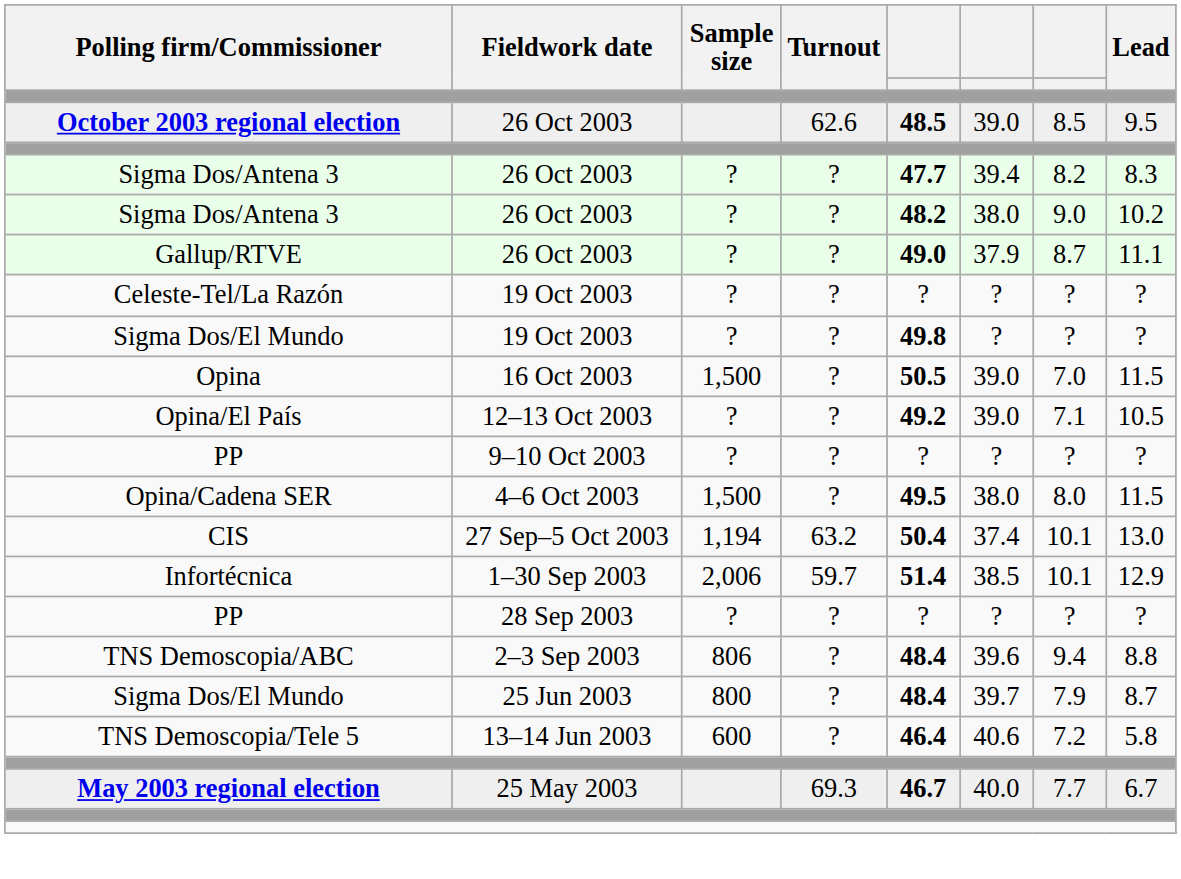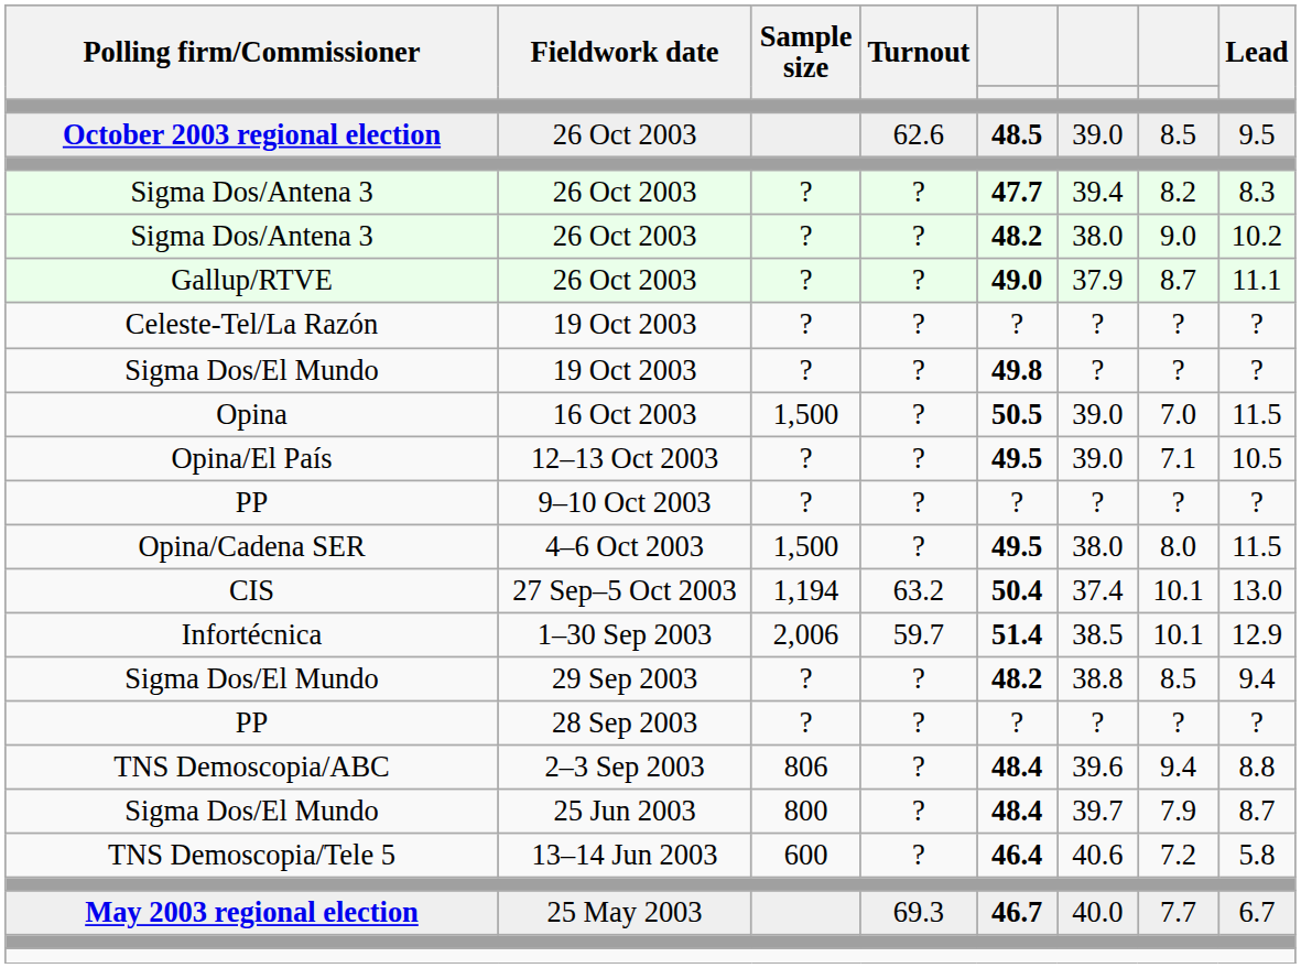 <table class="wikitable collapsible collapsed" style="text-align:center; font-size:95%; line-height:16px;">
 <tr style="height:42px;">
 <th style="width:250px;" rowspan="2">Polling firm/Commissioner</th>
 <th style="width:125px;" rowspan="2">Fieldwork date</th>
 <th style="width:50px;" rowspan="2">Sample size</th>
 <th style="width:45px;" rowspan="2">Turnout</th>
 <th style="width:35px;"></th>
 <th style="width:35px;"></th>
 <th style="width:35px;"></th>
 <th style="width:30px;" rowspan="2">Lead</th>
 </tr>
 <tr>
 <th style="color:inherit;background:"></th>
 <th style="color:inherit;background:"></th>
 <th style="color:inherit;background:"></th>
 </tr>
 <tr>
 <td colspan="8" style="background:#A0A0A0"></td>
 </tr>
 <tr style="background:#EFEFEF;">
 <td><strong><a href='#'>October 2003 regional election</a></strong></td>
 <td>26 Oct 2003</td>
 <td></td>
 <td>62.6</td>
 <td><strong>48.5</strong><br></td>
 <td>39.0<br></td>
 <td>8.5<br></td>
 <td style="background:">9.5</td>
 </tr>
 <tr>
 <td colspan="8" style="background:#A0A0A0"></td>
 </tr>
 <tr style="background:#EAFFEA;">
 <td>Sigma Dos/Antena 3</td>
 <td>26 Oct 2003</td>
 <td>?</td>
 <td>?</td>
 <td><strong>47.7</strong><br></td>
 <td>39.4<br></td>
 <td>8.2<br></td>
 <td style="background:">8.3</td>
 </tr>
 <tr style="background:#EAFFEA;">
 <td>Sigma Dos/Antena 3</td>
 <td>26 Oct 2003</td>
 <td>?</td>
 <td>?</td>
 <td><strong>48.2</strong><br></td>
 <td>38.0<br></td>
 <td>9.0<br></td>
 <td style="background:">10.2</td>
 </tr>
 <tr style="background:#EAFFEA;">
 <td>Gallup/RTVE</td>
 <td>26 Oct 2003</td>
 <td>?</td>
 <td>?</td>
 <td><strong>49.0</strong><br></td>
 <td>37.9<br></td>
 <td>8.7<br></td>
 <td style="background:">11.1</td>
 </tr>
 <tr>
 <td>Celeste-Tel/La Razón</td>
 <td>19 Oct 2003</td>
 <td>?</td>
 <td>?</td>
 <td>?<br></td>
 <td>?<br></td>
 <td>?<br></td>
 <td style="background:">?</td>
 </tr>
 <tr>
 <td>Sigma Dos/El Mundo</td>
 <td>19 Oct 2003</td>
 <td>?</td>
 <td>?</td>
 <td><strong>49.8</strong><br></td>
 <td>?<br></td>
 <td>?<br></td>
 <td style="background:">?</td>
 </tr>
 <tr>
 <td>Opina</td>
 <td>16 Oct 2003</td>
 <td>1,500</td>
 <td>?</td>
 <td><strong>50.5</strong><br></td>
 <td>39.0<br></td>
 <td>7.0<br></td>
 <td style="background:">11.5</td>
 </tr>
 <tr>
 <td>Opina/El País</td>
 <td>12–13 Oct 2003</td>
 <td>?</td>
 <td>?</td>
-<td><strong>49.2</strong><br></td>
+<td><strong>49.5</strong><br></td>
 <td>39.0<br></td>
 <td>7.1<br></td>
 <td style="background:">10.5</td>
 </tr>
 <tr>
 <td>PP</td>
 <td>9–10 Oct 2003</td>
 <td>?</td>
 <td>?</td>
 <td>?<br></td>
 <td>?<br></td>
 <td>?<br></td>
 <td style="background:">?</td>
 </tr>
 <tr>
 <td>Opina/Cadena SER</td>
 <td>4–6 Oct 2003</td>
 <td>1,500</td>
 <td>?</td>
 <td><strong>49.5</strong><br></td>
 <td>38.0<br></td>
 <td>8.0<br></td>
 <td style="background:">11.5</td>
 </tr>
 <tr>
 <td>CIS</td>
 <td>27 Sep–5 Oct 2003</td>
 <td>1,194</td>
 <td>63.2</td>
 <td><strong>50.4</strong><br></td>
 <td>37.4<br></td>
 <td>10.1<br></td>
 <td style="background:">13.0</td>
 </tr>
 <tr>
 <td>Infortécnica</td>
 <td>1–30 Sep 2003</td>
 <td>2,006</td>
 <td>59.7</td>
 <td><strong>51.4</strong><br></td>
 <td>38.5<br></td>
 <td>10.1<br></td>
 <td style="background:">12.9</td>
+</tr>
+<tr>
+<td>Sigma Dos/El Mundo</td>
+<td>29 Sep 2003</td>
+<td>?</td>
+<td>?</td>
+<td><strong>48.2</strong><br></td>
+<td>38.8<br></td>
+<td>8.5<br></td>
+<td style="background:">9.4</td>
 </tr>
 <tr>
 <td>PP</td>
 <td>28 Sep 2003</td>
 <td>?</td>
 <td>?</td>
 <td>?<br></td>
 <td>?<br></td>
 <td>?<br></td>
 <td style="background:">?</td>
 </tr>
 <tr>
 <td>TNS Demoscopia/ABC</td>
 <td>2–3 Sep 2003</td>
 <td>806</td>
 <td>?</td>
 <td><strong>48.4</strong><br></td>
 <td>39.6<br></td>
 <td>9.4<br></td>
 <td style="background:">8.8</td>
 </tr>
 <tr>
 <td>Sigma Dos/El Mundo</td>
 <td>25 Jun 2003</td>
 <td>800</td>
 <td>?</td>
 <td><strong>48.4</strong><br></td>
 <td>39.7<br></td>
 <td>7.9<br></td>
 <td style="background:">8.7</td>
 </tr>
 <tr>
 <td>TNS Demoscopia/Tele 5</td>
 <td>13–14 Jun 2003</td>
 <td>600</td>
 <td>?</td>
 <td><strong>46.4</strong></td>
 <td>40.6</td>
 <td>7.2</td>
 <td style="background:">5.8</td>
 </tr>
 <tr>
 <td colspan="8" style="background:#A0A0A0"></td>
 </tr>
 <tr style="background:#EFEFEF;">
 <td><strong><a href='#'>May 2003 regional election</a></strong></td>
 <td>25 May 2003</td>
 <td></td>
 <td>69.3</td>
 <td><strong>46.7</strong><br></td>
 <td>40.0<br></td>
 <td>7.7<br></td>
 <td style="background:">6.7</td>
 </tr>
 <tr>
 <td colspan="8" style="background:#A0A0A0"></td>
 </tr>
 <tr>
 <td colspan="8"></td>
 </tr>
 </table>
